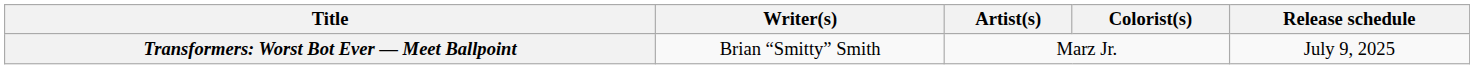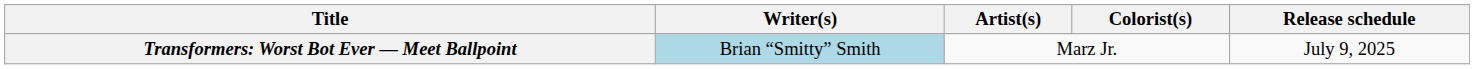 <table class="wikitable" width="100%" style="text-align: center;">
 <tr>
 <th>Title</th>
 <th scope="col">Writer(s)</th>
 <th scope="col">Artist(s)</th>
 <th>Colorist(s)</th>
 <th>Release schedule</th>
 </tr>
 <tr>
 <th scope="col"><em>Transformers: Worst Bot Ever — Meet Ballpoint</em></th>
-<td>Brian “Smitty” Smith</td>
+<td style="background: lightblue;">Brian “Smitty” Smith</td>
 <td colspan="2">Marz Jr.</td>
 <td>July 9, 2025</td>
 </tr>
 </table>
